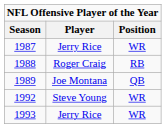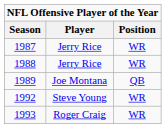 <table class="wikitable sortable" style="text-align:center">
 <tr>
 <td colspan="3"><strong>NFL Offensive Player of the Year</strong></td>
 </tr>
 <tr>
 <th>Season</th>
 <th>Player</th>
 <th>Position</th>
 </tr>
 <tr>
 <td><a href='#'>1987</a></td>
 <td><a href='#'>Jerry Rice</a></td>
 <td><a href='#'>WR</a></td>
 </tr>
 <tr>
 <td><a href='#'>1988</a></td>
-<td><a href='#'>Roger Craig</a></td>
-<td><a href='#'>RB</a></td>
+<td><a href='#'>Jerry Rice</a></td>
+<td><a href='#'>WR</a></td>
 </tr>
 <tr>
 <td><a href='#'>1989</a></td>
 <td><a href='#'>Joe Montana</a></td>
 <td><a href='#'>QB</a></td>
 </tr>
 <tr>
 <td><a href='#'>1992</a></td>
 <td><a href='#'>Steve Young</a></td>
 <td><a href='#'>WR</a></td>
 </tr>
 <tr>
 <td><a href='#'>1993</a></td>
-<td><a href='#'>Jerry Rice</a></td>
+<td><a href='#'>Roger Craig</a></td>
 <td><a href='#'>WR</a></td>
 </tr>
 </table>
